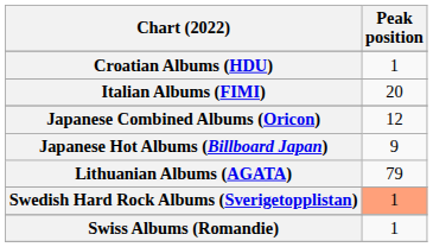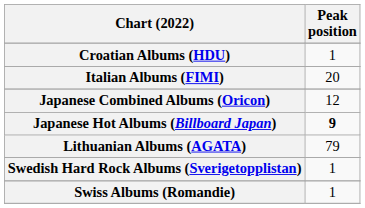 <table class="wikitable sortable plainrowheaders" style="text-align:center">
 <tr>
 <th scope="col">Chart (2022)</th>
 <th scope="col">Peak<br>position</th>
 </tr>
 <tr>
 </tr>
 <tr>
 </tr>
 <tr>
 </tr>
 <tr>
 </tr>
 <tr>
 </tr>
 <tr>
 <th scope="row">Croatian Albums (<a href='#'>HDU</a>)</th>
 <td>1</td>
 </tr>
 <tr>
 </tr>
 <tr>
 </tr>
 <tr>
 </tr>
 <tr>
 </tr>
 <tr>
 </tr>
 <tr>
 </tr>
 <tr>
 </tr>
 <tr>
 </tr>
 <tr>
 <th scope="row">Italian Albums (<a href='#'>FIMI</a>)</th>
 <td>20</td>
 </tr>
 <tr>
 </tr>
 <tr>
 <th scope="row">Japanese Combined Albums (<a href='#'>Oricon</a>)</th>
 <td>12</td>
 </tr>
 <tr>
 <th scope="row">Japanese Hot Albums (<em><a href='#'>Billboard Japan</a></em>)</th>
-<td>9</td>
+<td><strong>9</strong></td>
 </tr>
 <tr>
 <th scope="row">Lithuanian Albums (<a href='#'>AGATA</a>)</th>
 <td>79</td>
 </tr>
 <tr>
 </tr>
 <tr>
 </tr>
 <tr>
 </tr>
 <tr>
 </tr>
 <tr>
 </tr>
 <tr>
 </tr>
 <tr>
 <th scope="row">Swedish Hard Rock Albums (<a href='#'>Sverigetopplistan</a>)</th>
-<td style="background: lightsalmon;">1</td>
+<td>1</td>
 </tr>
 <tr>
 </tr>
 <tr>
 <th scope="row">Swiss Albums (Romandie)</th>
 <td>1</td>
 </tr>
 <tr>
 </tr>
 <tr>
 </tr>
 <tr>
 </tr>
 <tr>
 </tr>
 <tr>
 </tr>
 <tr>
 </tr>
 </table>
